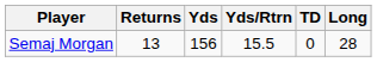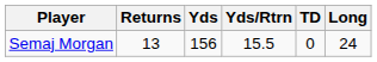 <table class="wikitable sortable sortable" style="text-align: center">
 <tr align=center>
 <th>Player</th>
 <th>Returns</th>
 <th>Yds</th>
 <th>Yds/Rtrn</th>
 <th>TD</th>
 <th>Long</th>
 </tr>
 <tr>
 <td><a href='#'>Semaj Morgan</a></td>
 <td>13</td>
 <td>156</td>
 <td>15.5</td>
 <td>0</td>
-<td>28</td>
+<td>24</td>
 </tr>
 </table>
